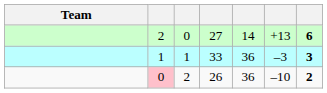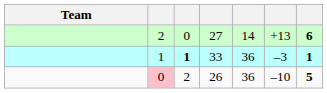 <table class="wikitable" style="text-align:center;">
 <tr>
 <th style="width:10.5em;">Team</th>
 <th style="width:1.5em;"></th>
 <th style="width:1.5em;"></th>
 <th style="width:2.0em;"></th>
 <th style="width:2.0em;"></th>
 <th style="width:2.0em;"></th>
 <th style="width:1.5em;"></th>
 </tr>
 <tr bgcolor=#cfc>
 <td align="left"></td>
 <td>2</td>
 <td>0</td>
 <td>27</td>
 <td>14</td>
 <td>+13</td>
 <td><strong>6</strong></td>
 </tr>
 <tr bgcolor=#bff>
 <td align="left"></td>
 <td>1</td>
-<td>1</td>
+<td><strong>1</strong></td>
 <td>33</td>
 <td>36</td>
 <td>–3</td>
-<td><strong>3</strong></td>
+<td><strong>1</strong></td>
 </tr>
 <tr>
 <td align="left"></td>
 <td style="background: pink;">0</td>
 <td>2</td>
 <td>26</td>
 <td>36</td>
 <td>–10</td>
-<td><strong>2</strong></td>
+<td><strong>5</strong></td>
 </tr>
 </table>
